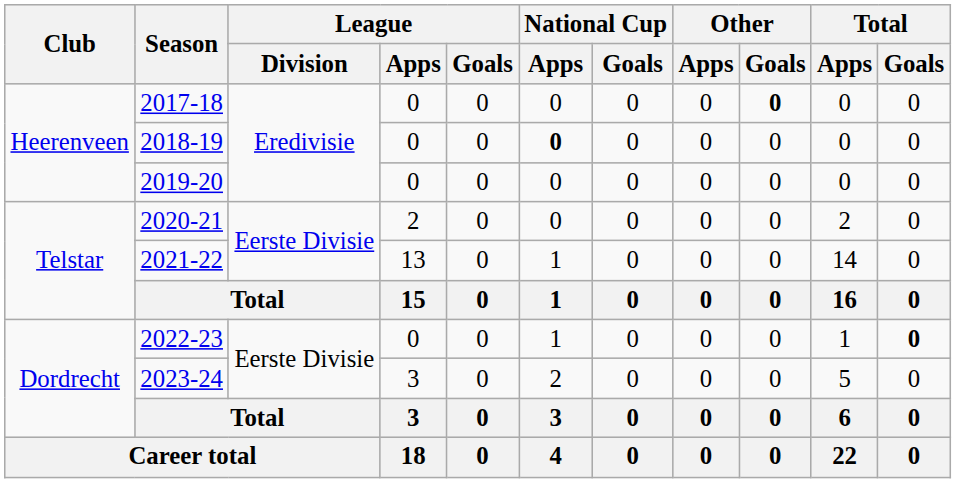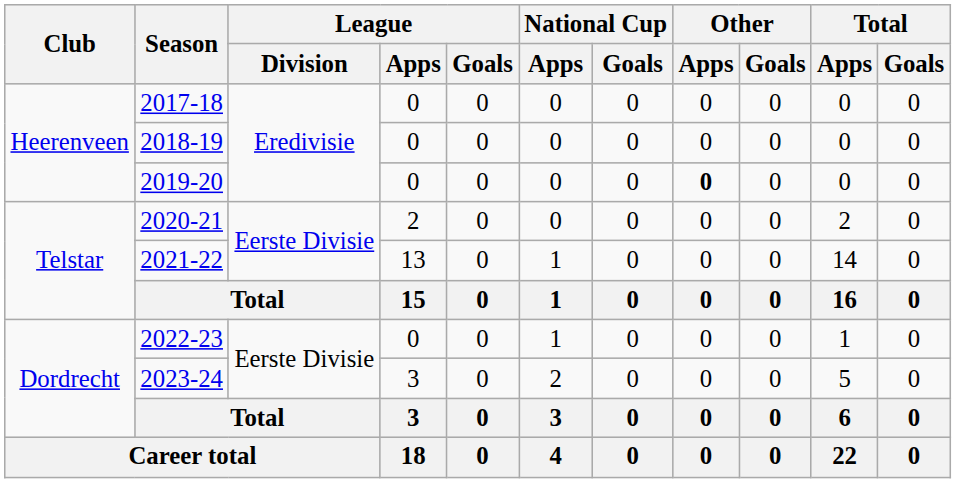 <table class=wikitable style="text-align: center">
 <tr>
 <th rowspan=2>Club</th>
 <th rowspan=2>Season</th>
 <th colspan=3>League</th>
 <th colspan=2>National Cup</th>
 <th colspan=2>Other</th>
 <th colspan=2>Total</th>
 </tr>
 <tr>
 <th>Division</th>
 <th>Apps</th>
 <th>Goals</th>
 <th>Apps</th>
 <th>Goals</th>
 <th>Apps</th>
 <th>Goals</th>
 <th>Apps</th>
 <th>Goals</th>
 </tr>
 <tr>
 <td rowspan=3><a href='#'>Heerenveen</a></td>
 <td><a href='#'>2017-18</a></td>
 <td rowspan=3><a href='#'>Eredivisie</a></td>
 <td>0</td>
 <td>0</td>
 <td>0</td>
 <td>0</td>
 <td>0</td>
-<td><strong>0</strong></td>
+<td>0</td>
 <td>0</td>
 <td>0</td>
 </tr>
 <tr>
 <td><a href='#'>2018-19</a></td>
 <td>0</td>
 <td>0</td>
-<td><strong>0</strong></td>
+<td>0</td>
 <td>0</td>
 <td>0</td>
 <td>0</td>
 <td>0</td>
 <td>0</td>
 </tr>
 <tr>
 <td><a href='#'>2019-20</a></td>
 <td>0</td>
 <td>0</td>
 <td>0</td>
 <td>0</td>
-<td>0</td>
+<td><strong>0</strong></td>
 <td>0</td>
 <td>0</td>
 <td>0</td>
 </tr>
 <tr>
 <td rowspan=3><a href='#'>Telstar</a></td>
 <td><a href='#'>2020-21</a></td>
 <td rowspan=2><a href='#'>Eerste Divisie</a></td>
 <td>2</td>
 <td>0</td>
 <td>0</td>
 <td>0</td>
 <td>0</td>
 <td>0</td>
 <td>2</td>
 <td>0</td>
 </tr>
 <tr>
 <td><a href='#'>2021-22</a></td>
 <td>13</td>
 <td>0</td>
 <td>1</td>
 <td>0</td>
 <td>0</td>
 <td>0</td>
 <td>14</td>
 <td>0</td>
 </tr>
 <tr>
 <th colspan="2">Total</th>
 <th>15</th>
 <th>0</th>
 <th>1</th>
 <th>0</th>
 <th>0</th>
 <th>0</th>
 <th>16</th>
 <th>0</th>
 </tr>
 <tr>
 <td rowspan=3><a href='#'>Dordrecht</a></td>
 <td><a href='#'>2022-23</a></td>
 <td rowspan=2>Eerste Divisie</td>
 <td>0</td>
 <td>0</td>
 <td>1</td>
 <td>0</td>
 <td>0</td>
 <td>0</td>
 <td>1</td>
-<td><strong>0</strong></td>
+<td>0</td>
 </tr>
 <tr>
 <td><a href='#'>2023-24</a></td>
 <td>3</td>
 <td>0</td>
 <td>2</td>
 <td>0</td>
 <td>0</td>
 <td>0</td>
 <td>5</td>
 <td>0</td>
 </tr>
 <tr>
 <th colspan="2">Total</th>
 <th>3</th>
 <th>0</th>
 <th>3</th>
 <th>0</th>
 <th>0</th>
 <th>0</th>
 <th>6</th>
 <th>0</th>
 </tr>
 <tr>
 <th colspan=3>Career total</th>
 <th>18</th>
 <th>0</th>
 <th>4</th>
 <th>0</th>
 <th>0</th>
 <th>0</th>
 <th>22</th>
 <th>0</th>
 </tr>
 </table>
